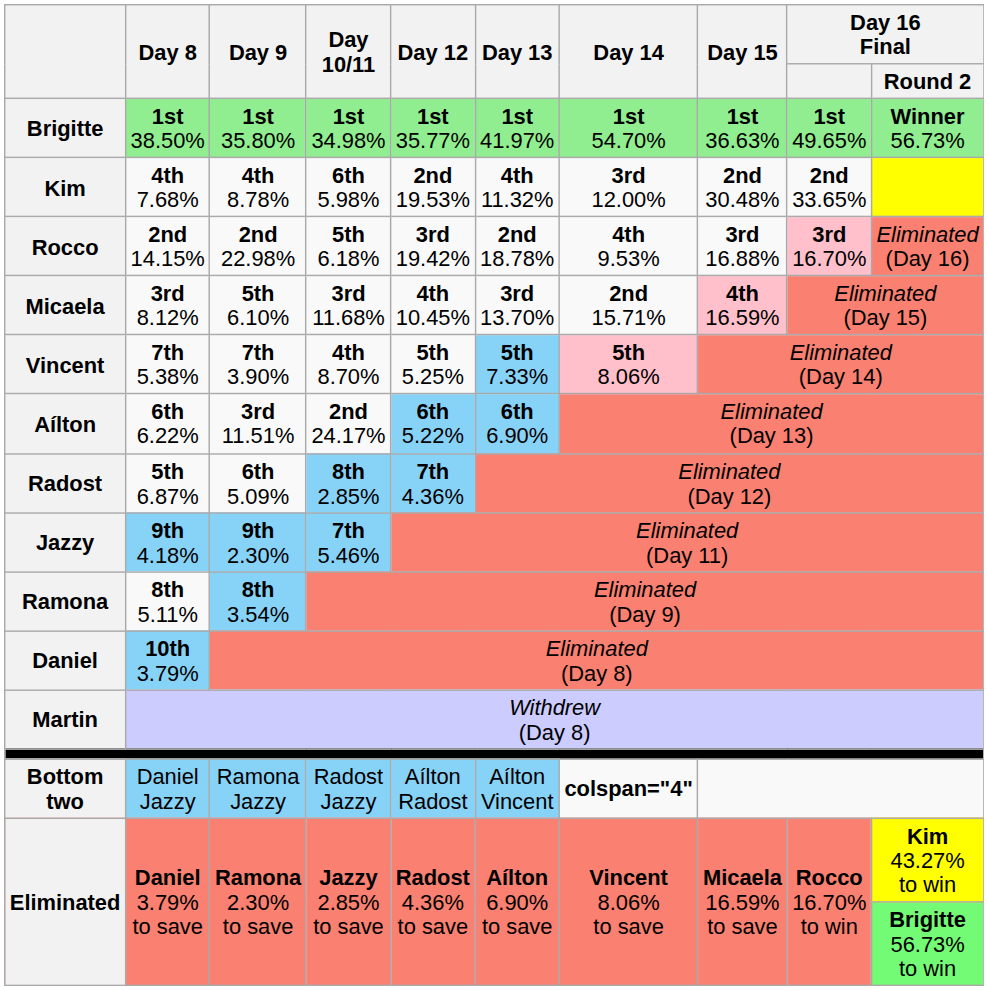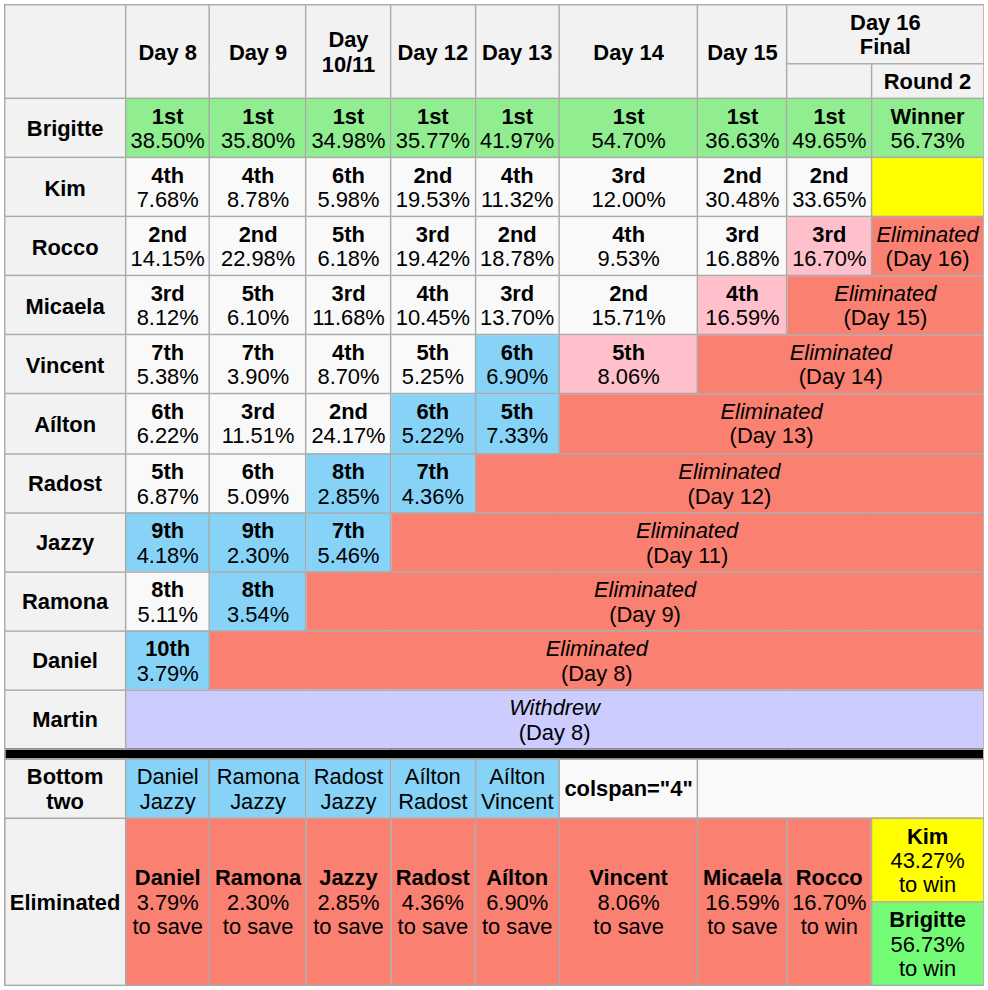 <table class="wikitable" style="text-align:center; font-size:95%; width:100%;">
 <tr>
 <th style="width:6%" rowspan="2"></th>
 <th style="width:6%" rowspan="2">Day 8</th>
 <th style="width:6%" rowspan="2">Day 9</th>
 <th style="width:6%" rowspan="2">Day 10/11</th>
 <th style="width:6%" rowspan="2">Day 12</th>
 <th style="width:6%" rowspan="2">Day 13</th>
 <th style="width:6%" rowspan="2">Day 14</th>
 <th style="width:6%" rowspan="2">Day 15</th>
 <th style="width:12%" colspan="2">Day 16<br>Final</th>
 </tr>
 <tr>
 <th style="width:6%"></th>
 <th style="width:6%">Round 2</th>
 </tr>
 <tr>
 <th>Brigitte</th>
 <td style="background:lightgreen;"><strong>1st</strong><br>38.50%</td>
 <td style="background:lightgreen;"><strong>1st</strong><br>35.80%</td>
 <td style="background:lightgreen;"><strong>1st</strong><br>34.98%</td>
 <td style="background:lightgreen;"><strong>1st</strong><br>35.77%</td>
 <td style="background:lightgreen;"><strong>1st</strong><br>41.97%</td>
 <td style="background:lightgreen;"><strong>1st</strong><br>54.70%</td>
 <td style="background:lightgreen;"><strong>1st</strong><br>36.63%</td>
 <td style="background:lightgreen;"><strong>1st</strong><br>49.65%</td>
 <td style="background:lightgreen;"><strong>Winner</strong><br>56.73%</td>
 </tr>
 <tr>
 <th>Kim</th>
 <td><strong>4th</strong><br>7.68%</td>
 <td><strong>4th</strong><br>8.78%</td>
 <td><strong>6th</strong><br>5.98%</td>
 <td><strong>2nd</strong><br>19.53%</td>
 <td><strong>4th</strong><br>11.32%</td>
 <td><strong>3rd</strong><br>12.00%</td>
 <td><strong>2nd</strong><br>30.48%</td>
 <td><strong>2nd</strong><br>33.65%</td>
 <td bgcolor=Yellow></td>
 </tr>
 <tr>
 <th>Rocco</th>
 <td><strong>2nd</strong><br>14.15%</td>
 <td><strong>2nd</strong><br>22.98%</td>
 <td><strong>5th</strong><br>6.18%</td>
 <td><strong>3rd</strong><br>19.42%</td>
 <td><strong>2nd</strong><br>18.78%</td>
 <td><strong>4th</strong><br>9.53%</td>
 <td><strong>3rd</strong><br>16.88%</td>
 <td style="background:pink;"><strong>3rd</strong><br>16.70%</td>
 <td style="background:salmon;"><em>Eliminated</em><br>(Day 16)</td>
 </tr>
 <tr>
 <th>Micaela</th>
 <td><strong>3rd</strong><br>8.12%</td>
 <td><strong>5th</strong><br>6.10%</td>
 <td><strong>3rd</strong><br>11.68%</td>
 <td><strong>4th</strong><br>10.45%</td>
 <td><strong>3rd</strong><br>13.70%</td>
 <td><strong>2nd</strong><br>15.71%</td>
 <td style="background:pink;"><strong>4th</strong><br>16.59%</td>
 <td style="background:salmon;" colspan="2"><em>Eliminated</em><br>(Day 15)</td>
 </tr>
 <tr>
 <th>Vincent</th>
 <td><strong>7th</strong><br>5.38%</td>
 <td><strong>7th</strong><br>3.90%</td>
 <td><strong>4th</strong><br>8.70%</td>
 <td><strong>5th</strong><br>5.25%</td>
-<td style="background:#87D3F8"><strong>5th</strong><br>7.33%</td>
+<td style="background:#87D3F8"><strong>6th</strong><br>6.90%</td>
 <td style="background:pink;"><strong>5th</strong><br>8.06%</td>
 <td style="background:salmon;" colspan="3"><em>Eliminated</em><br>(Day 14)</td>
 </tr>
 <tr>
 <th>Aílton</th>
 <td><strong>6th</strong><br>6.22%</td>
 <td><strong>3rd</strong><br>11.51%</td>
 <td><strong>2nd</strong><br>24.17%</td>
 <td style="background:#87D3F8"><strong>6th</strong><br>5.22%</td>
-<td style="background:#87D3F8"><strong>6th</strong><br>6.90%</td>
+<td style="background:#87D3F8"><strong>5th</strong><br>7.33%</td>
 <td style="background:salmon;" colspan="4"><em>Eliminated</em><br>(Day 13)</td>
 </tr>
 <tr>
 <th>Radost</th>
 <td><strong>5th</strong><br>6.87%</td>
 <td><strong>6th</strong><br>5.09%</td>
 <td style="background:#87D3F8"><strong>8th</strong><br>2.85%</td>
 <td style="background:#87D3F8"><strong>7th</strong><br>4.36%</td>
 <td style="background:salmon;" colspan="5"><em>Eliminated</em><br>(Day 12)</td>
 </tr>
 <tr>
 <th>Jazzy</th>
 <td style="background:#87D3F8"><strong>9th</strong><br>4.18%</td>
 <td style="background:#87D3F8"><strong>9th</strong><br>2.30%</td>
 <td style="background:#87D3F8"><strong>7th</strong><br>5.46%</td>
 <td style="background:salmon;" colspan="6"><em>Eliminated</em><br>(Day 11)</td>
 </tr>
 <tr>
 <th>Ramona</th>
 <td><strong>8th</strong><br>5.11%</td>
 <td style="background:#87D3F8"><strong>8th</strong><br>3.54%</td>
 <td style="background:salmon;" colspan="7"><em>Eliminated</em><br>(Day 9)</td>
 </tr>
 <tr>
 <th>Daniel</th>
 <td style="background:#87D3F8"><strong>10th</strong><br>3.79%</td>
 <td style="background:salmon;" colspan="8"><em>Eliminated</em><br>(Day 8)</td>
 </tr>
 <tr>
 <th>Martin</th>
 <td style="background:#ccf;" colspan="9"><em>Withdrew</em><br>(Day 8)</td>
 </tr>
 <tr>
 <td style="background:#000;" colspan="12"></td>
 </tr>
 <tr>
 <th>Bottom two</th>
 <td style="background:#87d3f8;">Daniel<br>Jazzy</td>
 <td style="background:#87d3f8;">Ramona<br>Jazzy</td>
 <td style="background:#87d3f8;">Radost<br>Jazzy</td>
 <td style="background:#87d3f8;">Aílton<br>Radost</td>
 <td style="background:#87d3f8;">Aílton<br>Vincent</td>
 <td><strong>colspan="4" </strong></td>
 </tr>
 <tr style="background:salmon;">
 <th rowspan="2">Eliminated</th>
 <td rowspan="2"><strong>Daniel</strong><br>3.79%<br>to save</td>
 <td rowspan="2"><strong>Ramona</strong><br>2.30%<br>to save</td>
 <td rowspan="2"><strong>Jazzy</strong><br>2.85%<br>to save</td>
 <td rowspan="2"><strong>Radost</strong><br>4.36%<br>to save</td>
 <td rowspan="2"><strong>Aílton</strong><br>6.90%<br>to save</td>
 <td rowspan="2"><strong>Vincent</strong><br>8.06%<br>to save</td>
 <td rowspan="2"><strong>Micaela</strong><br>16.59%<br>to save</td>
 <td rowspan="2"><strong>Rocco</strong><br>16.70%<br>to win</td>
 <td style="background:yellow"><strong>Kim</strong><br>43.27%<br>to win</td>
 </tr>
 <tr>
 <td style="background:#73FB76"><strong>Brigitte</strong><br>56.73%<br>to win</td>
 </tr>
 </table>
